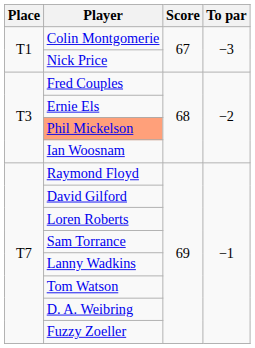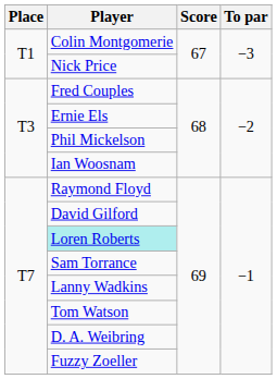 <table class="wikitable">
 <tr>
 <th>Place</th>
 <th>Player</th>
 <th>Score</th>
 <th>To par</th>
 </tr>
 <tr>
 <td rowspan="2" align=center>T1</td>
 <td> <a href='#'>Colin Montgomerie</a></td>
 <td rowspan="2" align=center>67</td>
 <td rowspan="2" align=center>−3</td>
 </tr>
 <tr>
 <td> <a href='#'>Nick Price</a></td>
 </tr>
 <tr>
 <td rowspan="4" align=center>T3</td>
 <td> <a href='#'>Fred Couples</a></td>
 <td rowspan="4" align=center>68</td>
 <td rowspan="4" align=center>−2</td>
 </tr>
 <tr>
 <td> <a href='#'>Ernie Els</a></td>
 </tr>
 <tr>
-<td style="background: lightsalmon;"> <a href='#'>Phil Mickelson</a></td>
+<td> <a href='#'>Phil Mickelson</a></td>
 </tr>
 <tr>
 <td> <a href='#'>Ian Woosnam</a></td>
 </tr>
 <tr>
 <td rowspan="8" align=center>T7</td>
 <td> <a href='#'>Raymond Floyd</a></td>
 <td rowspan="8" align=center>69</td>
 <td rowspan="8" align=center>−1</td>
 </tr>
 <tr>
 <td> <a href='#'>David Gilford</a></td>
 </tr>
 <tr>
-<td> <a href='#'>Loren Roberts</a></td>
+<td style="background: paleturquoise;"> <a href='#'>Loren Roberts</a></td>
 </tr>
 <tr>
 <td> <a href='#'>Sam Torrance</a></td>
 </tr>
 <tr>
 <td> <a href='#'>Lanny Wadkins</a></td>
 </tr>
 <tr>
 <td> <a href='#'>Tom Watson</a></td>
 </tr>
 <tr>
 <td> <a href='#'>D. A. Weibring</a></td>
 </tr>
 <tr>
 <td> <a href='#'>Fuzzy Zoeller</a></td>
 </tr>
 </table>
